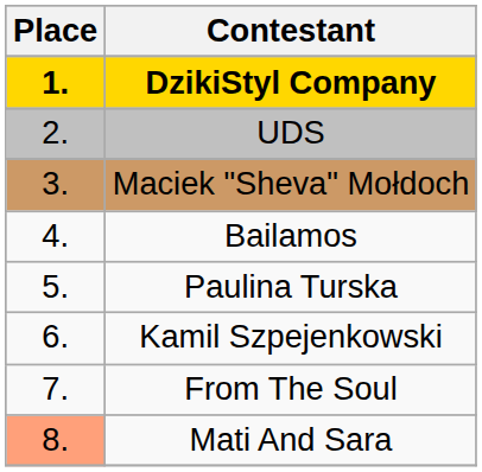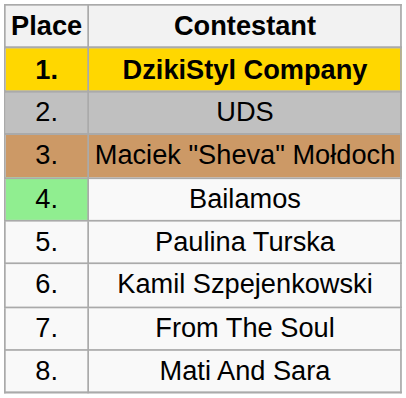 <table class="wikitable">
 <tr>
 <th>Place</th>
 <th>Contestant</th>
 </tr>
 <tr>
 </tr>
 <tr bgcolor="gold">
 <td align="center"><strong>1.</strong></td>
 <td align="center"><strong>DzikiStyl Company</strong></td>
 </tr>
 <tr>
 </tr>
 <tr bgcolor="silver">
 <td align="center">2.</td>
 <td align="center">UDS</td>
 </tr>
 <tr>
 </tr>
 <tr bgcolor="#cc9966">
 <td align="center">3.</td>
 <td align="center">Maciek "Sheva" Mołdoch</td>
 </tr>
 <tr>
-<td align="center">4.</td>
+<td align="center" style="background: lightgreen;">4.</td>
 <td align="center">Bailamos</td>
 </tr>
 <tr>
 <td align="center">5.</td>
 <td align="center">Paulina Turska</td>
 </tr>
 <tr>
 <td align="center">6.</td>
 <td align="center">Kamil Szpejenkowski</td>
 </tr>
 <tr>
 <td align="center">7.</td>
 <td align="center">From The Soul</td>
 </tr>
 <tr>
-<td align="center" style="background: lightsalmon;">8.</td>
+<td align="center">8.</td>
 <td align="center">Mati And Sara</td>
 </tr>
 <tr>
 </tr>
 </table>
